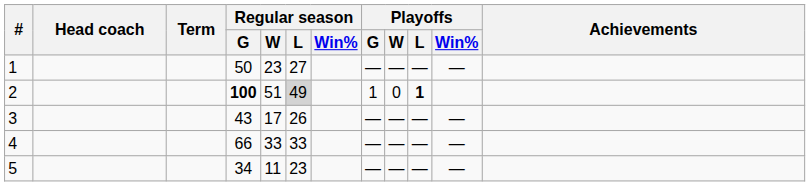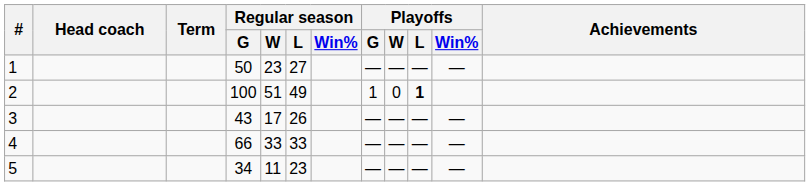 <table class="wikitable sortable" style="font-size:95%; text-align:center">
 <tr>
 <th scope="col" style="width:20px" rowspan="2">#</th>
 <th scope="col" style="width:120px" rowspan="2">Head coach</th>
 <th scope="col" style="width:50px" rowspan="2">Term</th>
 <th scope="col" style="width:80px" colspan="4">Regular season</th>
 <th scope="col" style="width:80px" colspan="4">Playoffs</th>
 <th scope="col" style="width:300px" rowspan="2">Achievements</th>
 </tr>
 <tr>
 <th>G</th>
 <th>W</th>
 <th>L</th>
 <th><a href='#'>Win%</a></th>
 <th>G</th>
 <th>W</th>
 <th>L</th>
 <th><a href='#'>Win%</a></th>
 </tr>
 <tr>
 <td align=left>1</td>
 <td align=left></td>
 <td align=left></td>
 <td>50</td>
 <td>23</td>
 <td>27</td>
 <td></td>
 <td>—</td>
 <td>—</td>
 <td>—</td>
 <td>—</td>
 <td align=left></td>
 </tr>
 <tr>
 <td align=left>2</td>
 <td align=left></td>
 <td align=left></td>
-<td><strong>100</strong></td>
+<td>100</td>
 <td>51</td>
-<td style="background: lightgrey;">49</td>
+<td>49</td>
 <td></td>
 <td>1</td>
 <td>0</td>
 <td><strong>1</strong></td>
 <td></td>
 <td align=left></td>
 </tr>
 <tr>
 <td align=left>3</td>
 <td align=left></td>
 <td align=left></td>
 <td>43</td>
 <td>17</td>
 <td>26</td>
 <td></td>
 <td>—</td>
 <td>—</td>
 <td>—</td>
 <td>—</td>
 <td align=left></td>
 </tr>
 <tr>
 <td align=left>4</td>
 <td align=left></td>
 <td align=left></td>
 <td>66</td>
 <td>33</td>
 <td>33</td>
 <td></td>
 <td>—</td>
 <td>—</td>
 <td>—</td>
 <td>—</td>
 <td align=left></td>
 </tr>
 <tr>
 <td align=left>5</td>
 <td align=left></td>
 <td align=left></td>
 <td>34</td>
 <td>11</td>
 <td>23</td>
 <td></td>
 <td>—</td>
 <td>—</td>
 <td>—</td>
 <td>—</td>
 <td align=left></td>
 </tr>
 </table>
